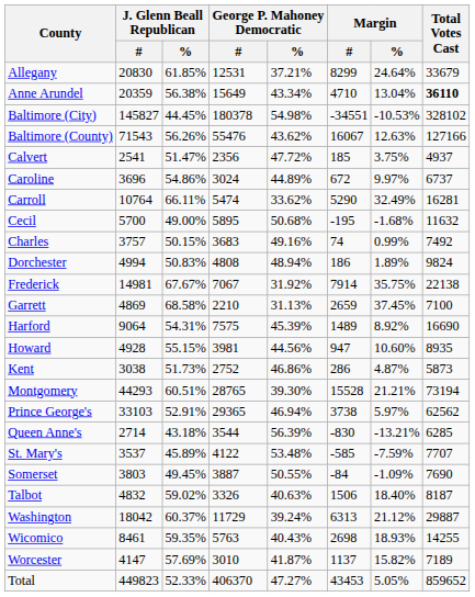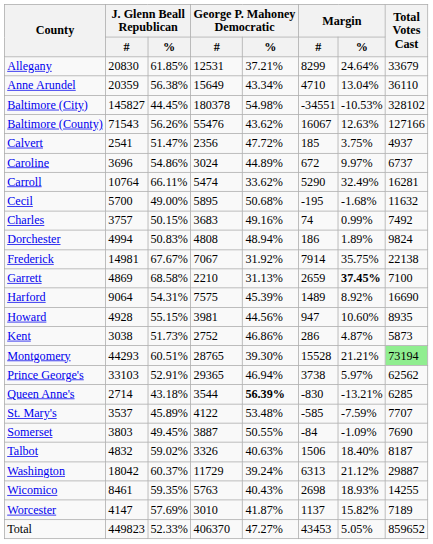 <table class="wikitable sortable">
 <tr>
 <th rowspan="2">County</th>
 <th colspan="2" >J. Glenn Beall<br>Republican</th>
 <th colspan="2" >George P. Mahoney<br>Democratic</th>
 <th colspan="2">Margin</th>
 <th rowspan="2">Total<br>Votes<br>Cast</th>
 </tr>
 <tr>
 <th>#</th>
 <th>%</th>
 <th>#</th>
 <th>%</th>
 <th>#</th>
 <th>%</th>
 </tr>
 <tr>
 <td><a href='#'>Allegany</a></td>
 <td>20830</td>
 <td>61.85%</td>
 <td>12531</td>
 <td>37.21%</td>
 <td>8299</td>
 <td>24.64%</td>
 <td>33679</td>
 </tr>
 <tr>
 <td><a href='#'>Anne Arundel</a></td>
 <td>20359</td>
 <td>56.38%</td>
 <td>15649</td>
 <td>43.34%</td>
 <td>4710</td>
 <td>13.04%</td>
-<td><strong>36110</strong></td>
+<td>36110</td>
 </tr>
 <tr>
 <td><a href='#'>Baltimore (City)</a></td>
 <td>145827</td>
 <td>44.45%</td>
 <td>180378</td>
 <td>54.98%</td>
 <td>-34551</td>
 <td>-10.53%</td>
 <td>328102</td>
 </tr>
 <tr>
 <td><a href='#'>Baltimore (County)</a></td>
 <td>71543</td>
 <td>56.26%</td>
 <td>55476</td>
 <td>43.62%</td>
 <td>16067</td>
 <td>12.63%</td>
 <td>127166</td>
 </tr>
 <tr>
 <td><a href='#'>Calvert</a></td>
 <td>2541</td>
 <td>51.47%</td>
 <td>2356</td>
 <td>47.72%</td>
 <td>185</td>
 <td>3.75%</td>
 <td>4937</td>
 </tr>
 <tr>
 <td><a href='#'>Caroline</a></td>
 <td>3696</td>
 <td>54.86%</td>
 <td>3024</td>
 <td>44.89%</td>
 <td>672</td>
 <td>9.97%</td>
 <td>6737</td>
 </tr>
 <tr>
 <td><a href='#'>Carroll</a></td>
 <td>10764</td>
 <td>66.11%</td>
 <td>5474</td>
 <td>33.62%</td>
 <td>5290</td>
 <td>32.49%</td>
 <td>16281</td>
 </tr>
 <tr>
 <td><a href='#'>Cecil</a></td>
 <td>5700</td>
 <td>49.00%</td>
 <td>5895</td>
 <td>50.68%</td>
 <td>-195</td>
 <td>-1.68%</td>
 <td>11632</td>
 </tr>
 <tr>
 <td><a href='#'>Charles</a></td>
 <td>3757</td>
 <td>50.15%</td>
 <td>3683</td>
 <td>49.16%</td>
 <td>74</td>
 <td>0.99%</td>
 <td>7492</td>
 </tr>
 <tr>
 <td><a href='#'>Dorchester</a></td>
 <td>4994</td>
 <td>50.83%</td>
 <td>4808</td>
 <td>48.94%</td>
 <td>186</td>
 <td>1.89%</td>
 <td>9824</td>
 </tr>
 <tr>
 <td><a href='#'>Frederick</a></td>
 <td>14981</td>
 <td>67.67%</td>
 <td>7067</td>
 <td>31.92%</td>
 <td>7914</td>
 <td>35.75%</td>
 <td>22138</td>
 </tr>
 <tr>
 <td><a href='#'>Garrett</a></td>
 <td>4869</td>
 <td>68.58%</td>
 <td>2210</td>
 <td>31.13%</td>
 <td>2659</td>
-<td>37.45%</td>
+<td><strong>37.45%</strong></td>
 <td>7100</td>
 </tr>
 <tr>
 <td><a href='#'>Harford</a></td>
 <td>9064</td>
 <td>54.31%</td>
 <td>7575</td>
 <td>45.39%</td>
 <td>1489</td>
 <td>8.92%</td>
 <td>16690</td>
 </tr>
 <tr>
 <td><a href='#'>Howard</a></td>
 <td>4928</td>
 <td>55.15%</td>
 <td>3981</td>
 <td>44.56%</td>
 <td>947</td>
 <td>10.60%</td>
 <td>8935</td>
 </tr>
 <tr>
 <td><a href='#'>Kent</a></td>
 <td>3038</td>
 <td>51.73%</td>
 <td>2752</td>
 <td>46.86%</td>
 <td>286</td>
 <td>4.87%</td>
 <td>5873</td>
 </tr>
 <tr>
 <td><a href='#'>Montgomery</a></td>
 <td>44293</td>
 <td>60.51%</td>
 <td>28765</td>
 <td>39.30%</td>
 <td>15528</td>
 <td>21.21%</td>
-<td>73194</td>
+<td style="background: lightgreen;">73194</td>
 </tr>
 <tr>
 <td><a href='#'>Prince George's</a></td>
 <td>33103</td>
 <td>52.91%</td>
 <td>29365</td>
 <td>46.94%</td>
 <td>3738</td>
 <td>5.97%</td>
 <td>62562</td>
 </tr>
 <tr>
 <td><a href='#'>Queen Anne's</a></td>
 <td>2714</td>
 <td>43.18%</td>
 <td>3544</td>
-<td>56.39%</td>
+<td><strong>56.39%</strong></td>
 <td>-830</td>
 <td>-13.21%</td>
 <td>6285</td>
 </tr>
 <tr>
 <td><a href='#'>St. Mary's</a></td>
 <td>3537</td>
 <td>45.89%</td>
 <td>4122</td>
 <td>53.48%</td>
 <td>-585</td>
 <td>-7.59%</td>
 <td>7707</td>
 </tr>
 <tr>
 <td><a href='#'>Somerset</a></td>
 <td>3803</td>
 <td>49.45%</td>
 <td>3887</td>
 <td>50.55%</td>
 <td>-84</td>
 <td>-1.09%</td>
 <td>7690</td>
 </tr>
 <tr>
 <td><a href='#'>Talbot</a></td>
 <td>4832</td>
 <td>59.02%</td>
 <td>3326</td>
 <td>40.63%</td>
 <td>1506</td>
 <td>18.40%</td>
 <td>8187</td>
 </tr>
 <tr>
 <td><a href='#'>Washington</a></td>
 <td>18042</td>
 <td>60.37%</td>
 <td>11729</td>
 <td>39.24%</td>
 <td>6313</td>
 <td>21.12%</td>
 <td>29887</td>
 </tr>
 <tr>
 <td><a href='#'>Wicomico</a></td>
 <td>8461</td>
 <td>59.35%</td>
 <td>5763</td>
 <td>40.43%</td>
 <td>2698</td>
 <td>18.93%</td>
 <td>14255</td>
 </tr>
 <tr>
 <td><a href='#'>Worcester</a></td>
 <td>4147</td>
 <td>57.69%</td>
 <td>3010</td>
 <td>41.87%</td>
 <td>1137</td>
 <td>15.82%</td>
 <td>7189</td>
 </tr>
 <tr>
 <td>Total</td>
 <td>449823</td>
 <td>52.33%</td>
 <td>406370</td>
 <td>47.27%</td>
 <td>43453</td>
 <td>5.05%</td>
 <td>859652</td>
 </tr>
 </table>
